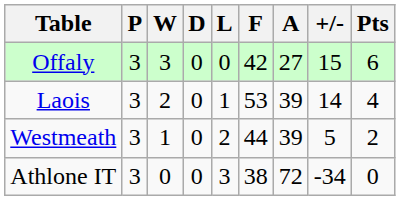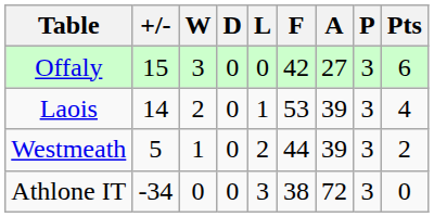 <table class="wikitable">
 <tr>
 <th>Table</th>
-<th>P</th>
+<th>+/-</th>
 <th>W</th>
 <th>D</th>
 <th>L</th>
 <th>F</th>
 <th>A</th>
-<th>+/-</th>
+<th>P</th>
 <th>Pts</th>
 </tr>
 <tr style="text-align:Center; background:#cfc;">
 <td><a href='#'>Offaly</a></td>
-<td>3</td>
+<td>15</td>
 <td>3</td>
 <td>0</td>
 <td>0</td>
 <td>42</td>
 <td>27</td>
-<td>15</td>
+<td>3</td>
 <td>6</td>
 </tr>
 <tr style="text-align:Center;">
 <td><a href='#'>Laois</a></td>
-<td>3</td>
+<td>14</td>
 <td>2</td>
 <td>0</td>
 <td>1</td>
 <td>53</td>
 <td>39</td>
-<td>14</td>
+<td>3</td>
 <td>4</td>
 </tr>
 <tr style="text-align:Center;">
 <td><a href='#'>Westmeath</a></td>
-<td>3</td>
+<td>5</td>
 <td>1</td>
 <td>0</td>
 <td>2</td>
 <td>44</td>
 <td>39</td>
-<td>5</td>
+<td>3</td>
 <td>2</td>
 </tr>
 <tr style="text-align:Center;">
 <td>Athlone IT</td>
-<td>3</td>
+<td>-34</td>
 <td>0</td>
 <td>0</td>
 <td>3</td>
 <td>38</td>
 <td>72</td>
-<td>-34</td>
+<td>3</td>
 <td>0</td>
 </tr>
 </table>
